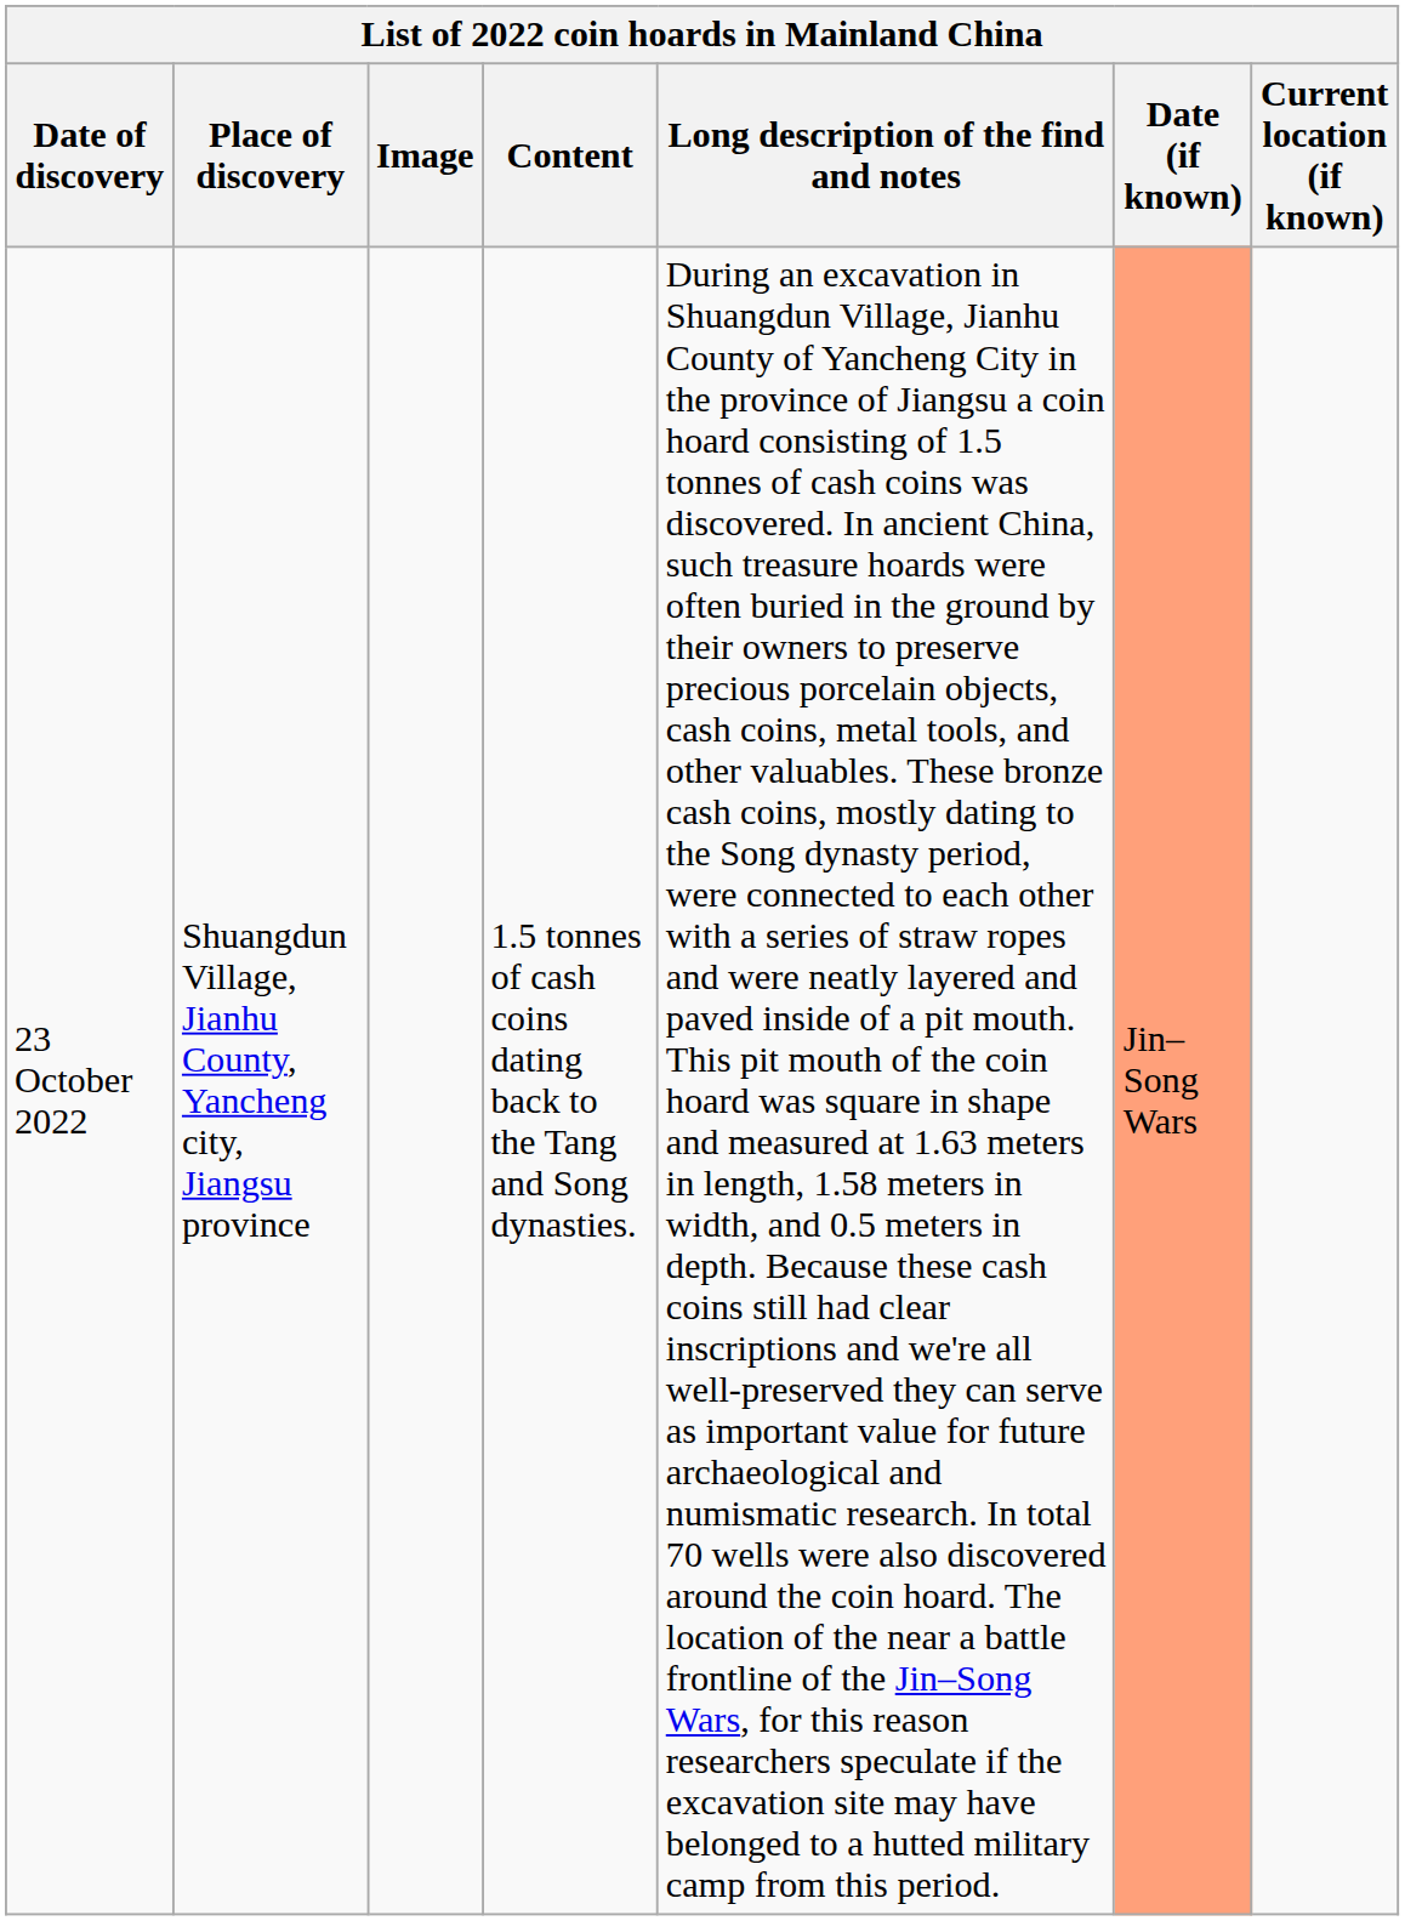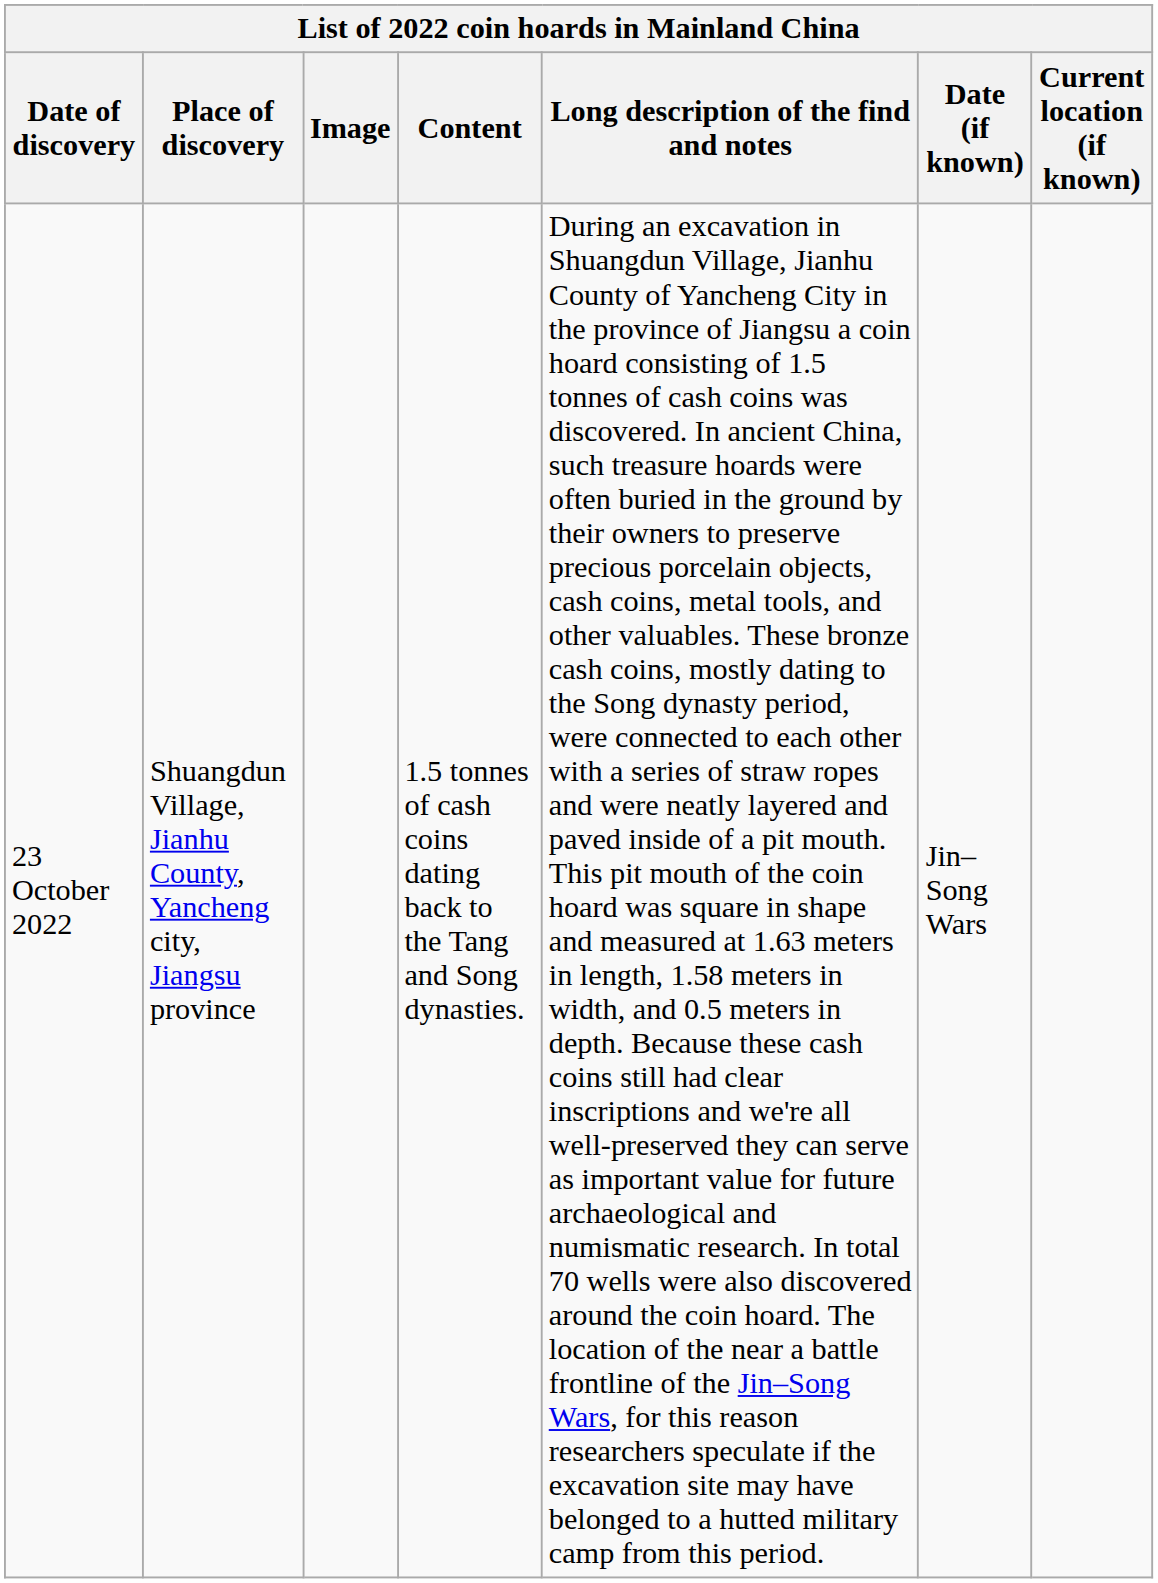 <table class="wikitable" style="font-size: 100%">
 <tr>
 <th colspan=7>List of 2022 coin hoards in Mainland China</th>
 </tr>
 <tr>
 <th>Date of discovery</th>
 <th>Place of discovery</th>
 <th>Image</th>
 <th>Content</th>
 <th>Long description of the find and notes</th>
 <th>Date<br>(if known)</th>
 <th>Current location<br>(if known)</th>
 </tr>
 <tr>
 <td>23 October 2022</td>
 <td>Shuangdun Village, <a href='#'>Jianhu County</a>, <a href='#'>Yancheng</a> city, <a href='#'>Jiangsu</a> province</td>
 <td></td>
 <td>1.5 tonnes of cash coins dating back to the Tang and Song dynasties.</td>
 <td>During an excavation in Shuangdun Village, Jianhu County of Yancheng City in the province of Jiangsu a coin hoard consisting of 1.5 tonnes of cash coins was discovered. In ancient China, such treasure hoards were often buried in the ground by their owners to preserve precious porcelain objects, cash coins, metal tools, and other valuables. These bronze cash coins, mostly dating to the Song dynasty period, were connected to each other with a series of straw ropes and were neatly layered and paved inside of a pit mouth. This pit mouth of the coin hoard was square in shape and measured at 1.63 meters in length, 1.58 meters in width, and 0.5 meters in depth. Because these cash coins still had clear inscriptions and we're all well-preserved they can serve as important value for future archaeological and numismatic research. In total 70 wells were also discovered around the coin hoard. The location of the near a battle frontline of the <a href='#'>Jin–Song Wars</a>, for this reason researchers speculate if the excavation site may have belonged to a hutted military camp from this period.</td>
-<td style="background: lightsalmon;">Jin–Song Wars</td>
+<td>Jin–Song Wars</td>
 <td></td>
 </tr>
 </table>
